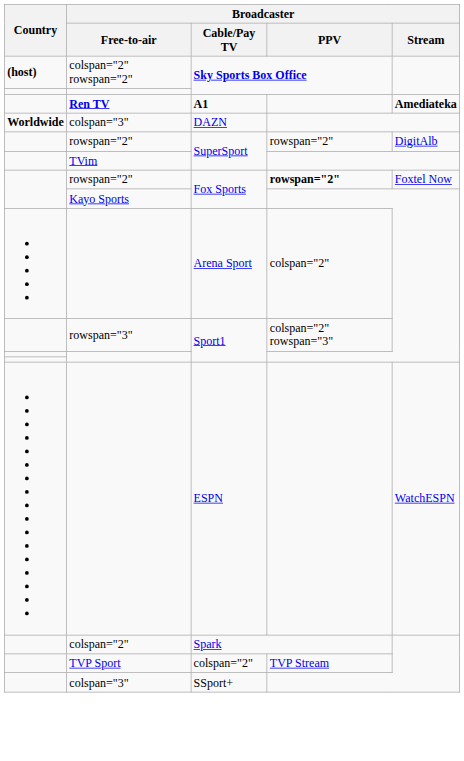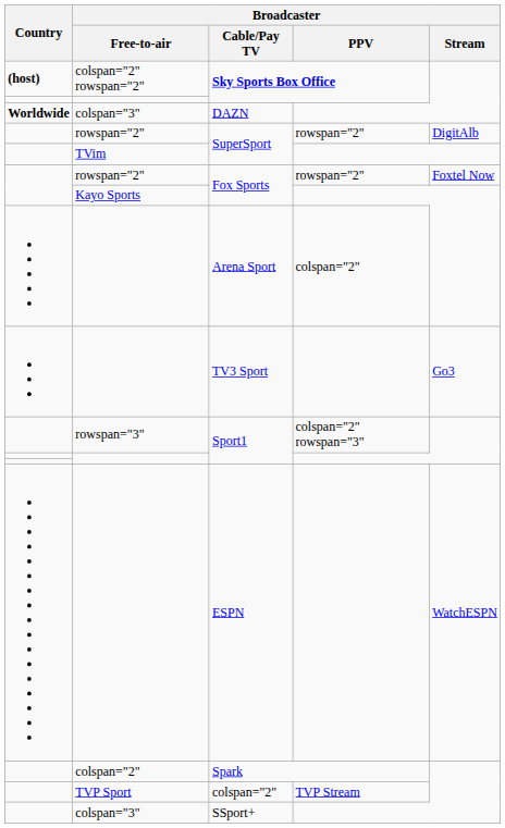 <table class="wikitable">
 <tr>
 <th rowspan="2">Country</th>
 <th colspan="4">Broadcaster</th>
 </tr>
 <tr>
 <th>Free-to-air</th>
 <th>Cable/Pay TV</th>
 <th>PPV</th>
 <th>Stream</th>
 </tr>
 <tr>
 <td><strong></strong> <strong>(host)</strong></td>
 <td>colspan="2" rowspan="2" </td>
 <td colspan="2" rowspan="2"><strong><a href='#'>Sky Sports Box Office</a></strong></td>
 </tr>
 <tr>
 <td></td>
-</tr>
-<tr>
-<td><strong></strong></td>
-<td><a href='#'><strong>Ren TV</strong></a></td>
-<td><strong>A1</strong></td>
-<td></td>
-<td><strong>Amediateka</strong></td>
 </tr>
 <tr>
 <td><strong>Worldwide</strong></td>
 <td>colspan="3" </td>
 <td><a href='#'>DAZN</a></td>
 </tr>
 <tr>
 <td></td>
 <td>rowspan="2" </td>
 <td rowspan="2"><a href='#'>SuperSport</a></td>
 <td>rowspan="2" </td>
 <td><a href='#'>DigitAlb</a></td>
 </tr>
 <tr>
 <td></td>
 <td><a href='#'>TVim</a></td>
 </tr>
 <tr>
 <td rowspan="2"></td>
 <td>rowspan="2" </td>
 <td rowspan="2"><a href='#'>Fox Sports</a></td>
-<td><strong>rowspan="2" </strong></td>
+<td>rowspan="2" </td>
 <td><a href='#'>Foxtel Now</a></td>
 </tr>
 <tr>
 <td><a href='#'>Kayo Sports</a></td>
 </tr>
 <tr>
 <td><br><ul><li></li><li></li><li></li><li></li><li></li></ul></td>
 <td></td>
 <td><a href='#'>Arena Sport</a></td>
 <td>colspan="2" </td>
+</tr>
+<tr>
+<td><br><ul><li></li><li></li><li></li></ul></td>
+<td></td>
+<td><a href='#'>TV3 Sport</a></td>
+<td></td>
+<td><a href='#'>Go3</a></td>
 </tr>
 <tr>
 <td></td>
 <td>rowspan="3" </td>
 <td rowspan="3"><a href='#'>Sport1</a></td>
 <td>colspan="2" rowspan="3" </td>
 </tr>
 <tr>
 <td></td>
 </tr>
 <tr>
 <td></td>
 </tr>
 <tr>
 <td><br><ul><li></li><li></li><li></li><li></li><li></li><li></li><li></li><li></li><li></li><li></li><li></li><li></li><li></li><li></li><li></li><li></li><li></li></ul></td>
 <td></td>
 <td><a href='#'>ESPN</a></td>
 <td></td>
 <td><a href='#'>WatchESPN</a></td>
 </tr>
 <tr>
 <td></td>
 <td>colspan="2" </td>
 <td colspan="2"><a href='#'>Spark</a></td>
 </tr>
 <tr>
 <td></td>
 <td><a href='#'>TVP Sport</a></td>
 <td>colspan="2" </td>
 <td><a href='#'>TVP Stream</a></td>
 </tr>
 <tr>
 <td></td>
 <td>colspan="3" </td>
 <td>SSport+</td>
 </tr>
 </table>
